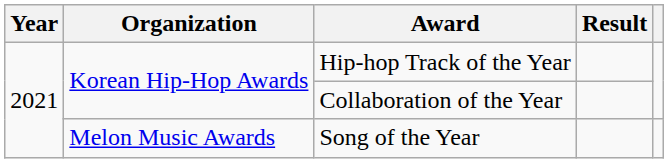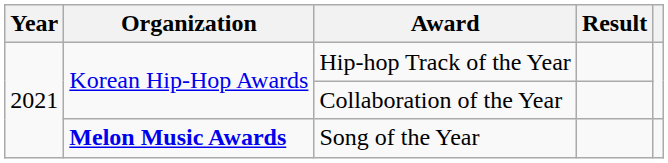 <table class="wikitable plainrowheaders">
 <tr>
 <th scope="col">Year</th>
 <th scope="col">Organization</th>
 <th scope="col">Award</th>
 <th scope="col">Result</th>
 <th class="unsortable"></th>
 </tr>
 <tr>
 <td rowspan="3">2021</td>
 <td rowspan="2"><a href='#'>Korean Hip-Hop Awards</a></td>
 <td>Hip-hop Track of the Year</td>
 <td></td>
 <td rowspan="2" style="text-align:center;"></td>
 </tr>
 <tr>
 <td>Collaboration of the Year</td>
 <td></td>
 </tr>
 <tr>
-<td><a href='#'>Melon Music Awards</a></td>
+<td><strong><a href='#'>Melon Music Awards</a></strong></td>
 <td>Song of the Year</td>
 <td></td>
 <td style="text-align:center;"></td>
 </tr>
 </table>
